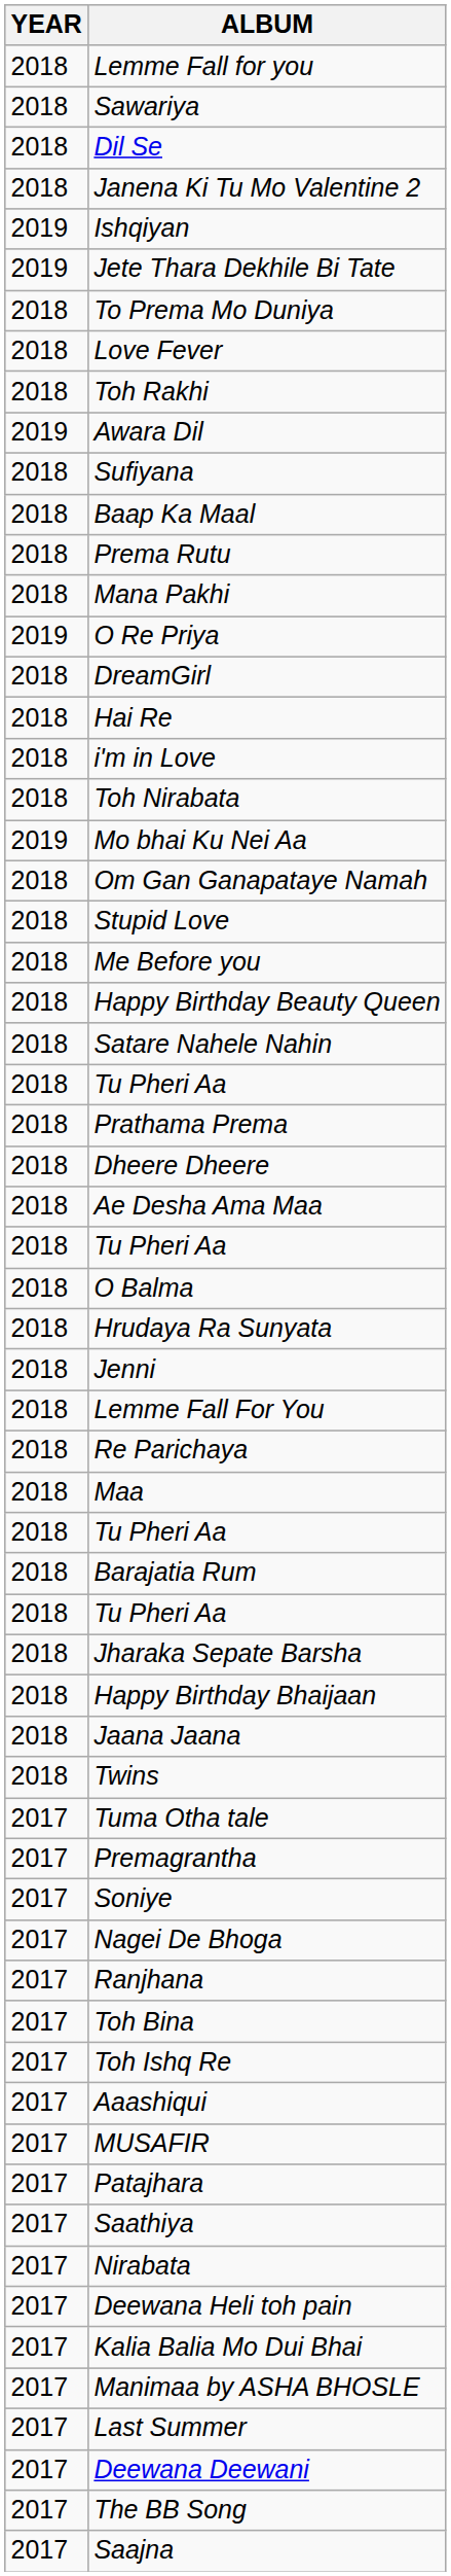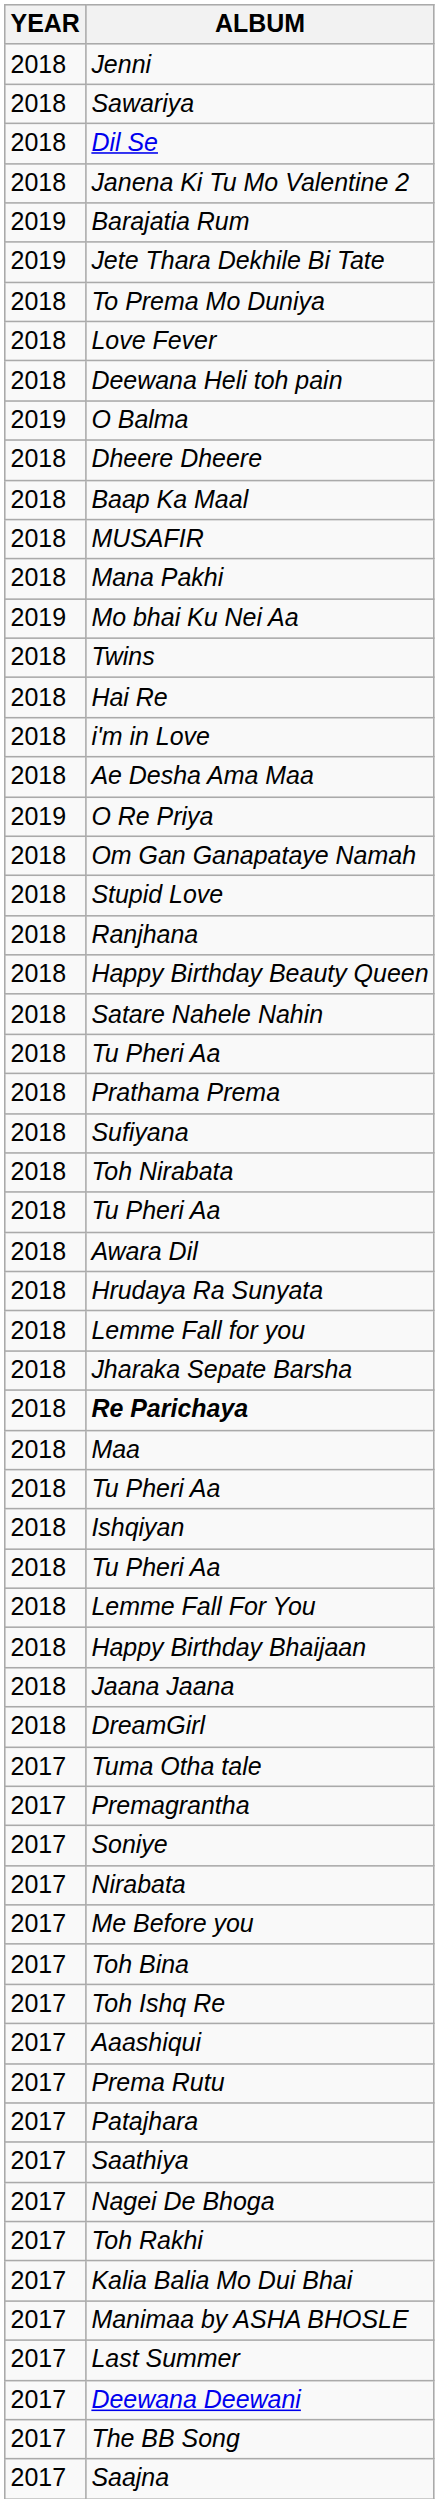 <table class="wikitable">
 <tr>
 <th>YEAR</th>
 <th>ALBUM</th>
 </tr>
 <tr>
 <td>2018</td>
-<td><em>Lemme Fall for you</em></td>
+<td><em>Jenni</em></td>
 </tr>
 <tr>
 <td>2018</td>
 <td><em>Sawariya</em></td>
 </tr>
 <tr>
 <td>2018</td>
 <td><em><a href='#'>Dil Se</a></em></td>
 </tr>
 <tr>
 <td>2018</td>
 <td><em> Janena Ki Tu Mo Valentine 2 </em></td>
 </tr>
 <tr>
 <td>2019</td>
-<td><em>Ishqiyan</em></td>
+<td><em>Barajatia Rum</em></td>
 </tr>
 <tr>
 <td>2019</td>
 <td><em>Jete Thara Dekhile Bi Tate</em></td>
 </tr>
 <tr>
 <td>2018</td>
 <td><em>To Prema Mo Duniya</em></td>
 </tr>
 <tr>
 <td>2018</td>
 <td><em>Love Fever</em></td>
 </tr>
 <tr>
 <td>2018</td>
-<td><em>Toh Rakhi</em></td>
+<td><em>Deewana Heli toh pain</em></td>
 </tr>
 <tr>
 <td>2019</td>
-<td><em>Awara Dil</em></td>
+<td><em> O Balma</em></td>
 </tr>
 <tr>
 <td>2018</td>
-<td><em>Sufiyana</em></td>
+<td><em> Dheere Dheere </em></td>
 </tr>
 <tr>
 <td>2018</td>
 <td><em>Baap Ka Maal</em></td>
 </tr>
 <tr>
 <td>2018</td>
-<td><em>Prema Rutu</em></td>
+<td><em> MUSAFIR</em></td>
 </tr>
 <tr>
 <td>2018</td>
 <td><em>Mana Pakhi</em></td>
 </tr>
 <tr>
 <td>2019</td>
-<td><em> O Re Priya</em></td>
+<td><em>Mo bhai Ku Nei Aa</em></td>
 </tr>
 <tr>
 <td>2018</td>
-<td><em>DreamGirl</em></td>
+<td><em>Twins</em></td>
 </tr>
 <tr>
 <td>2018</td>
 <td><em>Hai Re</em></td>
 </tr>
 <tr>
 <td>2018</td>
 <td><em>i'm in Love</em></td>
 </tr>
 <tr>
 <td>2018</td>
-<td><em> Toh Nirabata </em></td>
+<td><em>Ae Desha Ama Maa</em></td>
 </tr>
 <tr>
 <td>2019</td>
-<td><em>Mo bhai Ku Nei Aa</em></td>
+<td><em> O Re Priya</em></td>
 </tr>
 <tr>
 <td>2018</td>
 <td><em>Om Gan Ganapataye Namah</em></td>
 </tr>
 <tr>
 <td>2018</td>
 <td><em>Stupid Love</em></td>
 </tr>
 <tr>
 <td>2018</td>
-<td><em>Me Before you</em></td>
+<td><em>Ranjhana</em></td>
 </tr>
 <tr>
 <td>2018</td>
 <td><em>Happy Birthday Beauty Queen</em></td>
 </tr>
 <tr>
 <td>2018</td>
 <td><em>Satare Nahele Nahin</em></td>
 </tr>
 <tr>
 <td>2018</td>
 <td><em>Tu Pheri Aa</em></td>
 </tr>
 <tr>
 <td>2018</td>
 <td><em> Prathama Prema </em></td>
 </tr>
 <tr>
 <td>2018</td>
-<td><em> Dheere Dheere </em></td>
+<td><em>Sufiyana</em></td>
 </tr>
 <tr>
 <td>2018</td>
-<td><em>Ae Desha Ama Maa</em></td>
+<td><em> Toh Nirabata </em></td>
 </tr>
 <tr>
 <td>2018</td>
 <td><em>Tu Pheri Aa</em></td>
 </tr>
 <tr>
 <td>2018</td>
-<td><em> O Balma</em></td>
+<td><em>Awara Dil</em></td>
 </tr>
 <tr>
 <td>2018</td>
 <td><em>Hrudaya Ra Sunyata</em></td>
 </tr>
 <tr>
 <td>2018</td>
-<td><em>Jenni</em></td>
+<td><em>Lemme Fall for you</em></td>
 </tr>
 <tr>
 <td>2018</td>
-<td><em>Lemme Fall For You</em></td>
+<td><em>Jharaka Sepate Barsha</em></td>
 </tr>
 <tr>
 <td>2018</td>
-<td><em> Re Parichaya</em></td>
+<td><strong><em> Re Parichaya</em></strong></td>
 </tr>
 <tr>
 <td>2018</td>
 <td><em>Maa</em></td>
 </tr>
 <tr>
 <td>2018</td>
 <td><em>Tu Pheri Aa</em></td>
 </tr>
 <tr>
 <td>2018</td>
-<td><em>Barajatia Rum</em></td>
+<td><em>Ishqiyan</em></td>
 </tr>
 <tr>
 <td>2018</td>
 <td><em>Tu Pheri Aa</em></td>
 </tr>
 <tr>
 <td>2018</td>
-<td><em>Jharaka Sepate Barsha</em></td>
+<td><em>Lemme Fall For You</em></td>
 </tr>
 <tr>
 <td>2018</td>
 <td><em>Happy Birthday Bhaijaan</em></td>
 </tr>
 <tr>
 <td>2018</td>
 <td><em>Jaana Jaana</em></td>
 </tr>
 <tr>
 <td>2018</td>
-<td><em>Twins</em></td>
+<td><em>DreamGirl</em></td>
 </tr>
 <tr>
 <td>2017</td>
 <td><em>Tuma Otha tale</em></td>
 </tr>
 <tr>
 <td>2017</td>
 <td><em>Premagrantha</em></td>
 </tr>
 <tr>
 <td>2017</td>
 <td><em>Soniye</em></td>
 </tr>
 <tr>
 <td>2017</td>
-<td><em>Nagei De Bhoga</em></td>
+<td><em>Nirabata</em></td>
 </tr>
 <tr>
 <td>2017</td>
-<td><em>Ranjhana</em></td>
+<td><em>Me Before you</em></td>
 </tr>
 <tr>
 <td>2017</td>
 <td><em> Toh Bina</em></td>
 </tr>
 <tr>
 <td>2017</td>
 <td><em>Toh Ishq Re</em></td>
 </tr>
 <tr>
 <td>2017</td>
 <td><em> Aaashiqui </em></td>
 </tr>
 <tr>
 <td>2017</td>
-<td><em> MUSAFIR</em></td>
+<td><em>Prema Rutu</em></td>
 </tr>
 <tr>
 <td>2017</td>
 <td><em>Patajhara</em></td>
 </tr>
 <tr>
 <td>2017</td>
 <td><em>Saathiya</em></td>
 </tr>
 <tr>
 <td>2017</td>
-<td><em>Nirabata</em></td>
+<td><em>Nagei De Bhoga</em></td>
 </tr>
 <tr>
 <td>2017</td>
-<td><em>Deewana Heli toh pain</em></td>
+<td><em>Toh Rakhi</em></td>
 </tr>
 <tr>
 <td>2017</td>
 <td><em>Kalia Balia Mo Dui Bhai</em></td>
 </tr>
 <tr>
 <td>2017</td>
 <td><em>Manimaa by ASHA BHOSLE</em></td>
 </tr>
 <tr>
 <td>2017</td>
 <td><em>Last Summer</em></td>
 </tr>
 <tr>
 <td>2017</td>
 <td><em><a href='#'>Deewana Deewani</a></em></td>
 </tr>
 <tr>
 <td>2017</td>
 <td><em>The BB Song</em></td>
 </tr>
 <tr>
 <td>2017</td>
 <td><em>Saajna</em></td>
 </tr>
 </table>
